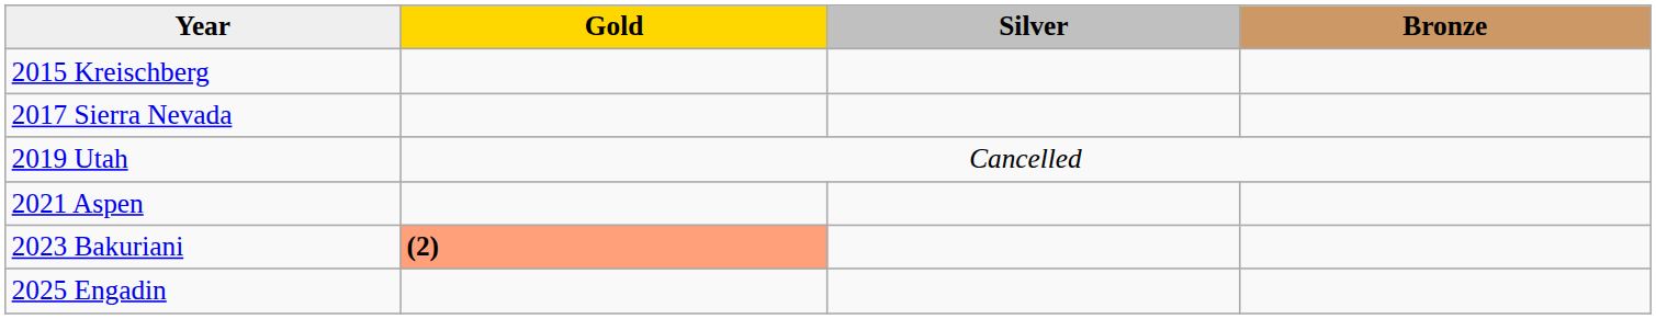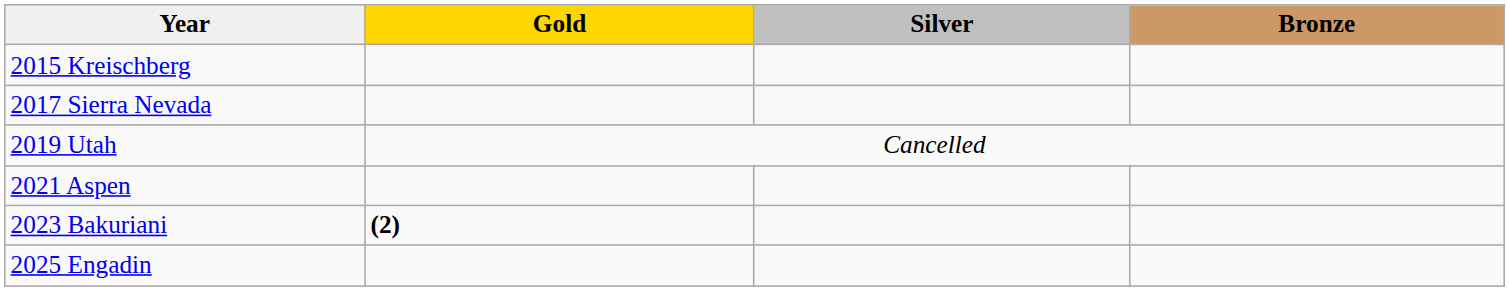 <table class="wikitable sortable" style="width:950px;">
 <tr>
 <th style="width:24%; background:#efefef;">Year</th>
 <th style="width:26%; background:gold">Gold</th>
 <th style="width:25%; background:silver">Silver</th>
 <th style="width:25%; background:#CC9966">Bronze</th>
 </tr>
 <tr>
 <td><a href='#'>2015 Kreischberg</a></td>
 <td></td>
 <td></td>
 <td></td>
 </tr>
 <tr>
 <td><a href='#'>2017 Sierra Nevada</a></td>
 <td></td>
 <td></td>
 <td></td>
 </tr>
 <tr>
 <td><a href='#'>2019 Utah</a></td>
 <td colspan=3 align=center><em>Cancelled</em></td>
 </tr>
 <tr>
 <td><a href='#'>2021 Aspen</a></td>
 <td></td>
 <td></td>
 <td></td>
 </tr>
 <tr>
 <td><a href='#'>2023 Bakuriani</a></td>
-<td style="background: lightsalmon;"> <strong>(2)</strong></td>
+<td> <strong>(2)</strong></td>
 <td></td>
 <td></td>
 </tr>
 <tr>
 <td><a href='#'>2025 Engadin</a></td>
 <td></td>
 <td></td>
 <td></td>
 </tr>
 </table>
